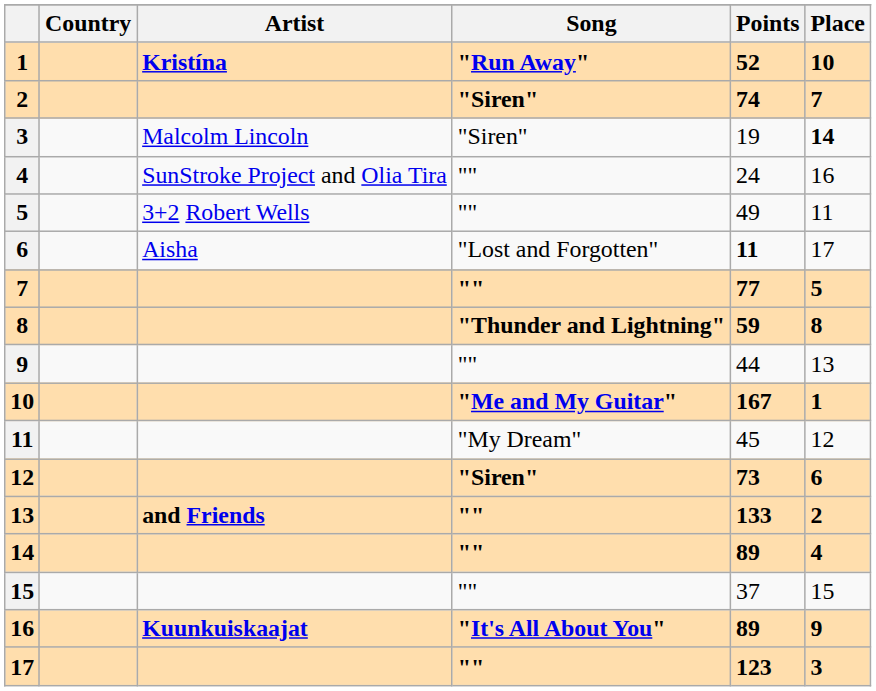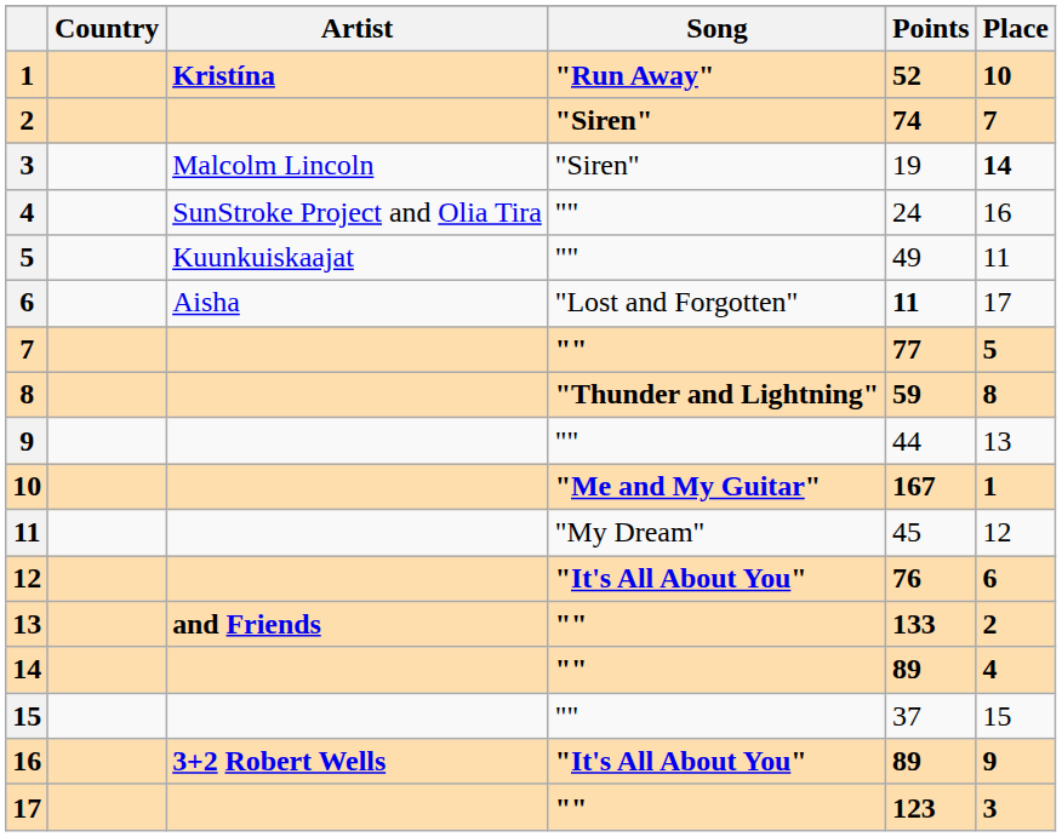 <table class="sortable wikitable plainrowheaders">
 <tr>
 </tr>
 <tr>
 <th scope="col"></th>
 <th scope="col">Country</th>
 <th scope="col">Artist</th>
 <th scope="col">Song</th>
 <th scope="col">Points</th>
 <th scope="col">Place</th>
 </tr>
 <tr style="font-weight:bold; background:navajowhite;">
 <th scope="row" style="text-align:center; font-weight:bold; background:navajowhite;">1</th>
 <td></td>
 <td><a href='#'>Kristína</a></td>
 <td>"<a href='#'>Run Away</a>"</td>
 <td>52</td>
 <td>10</td>
 </tr>
 <tr style="font-weight:bold; background:navajowhite;">
 <th scope="row" style="text-align:center; font-weight:bold; background:navajowhite;">2</th>
 <td></td>
 <td></td>
 <td>"Siren"</td>
 <td>74</td>
 <td>7</td>
 </tr>
 <tr>
 <th scope="row" style="text-align:center;">3</th>
 <td></td>
 <td><a href='#'>Malcolm Lincoln</a></td>
 <td>"Siren"</td>
 <td>19</td>
 <td><strong>14</strong></td>
 </tr>
 <tr>
 <th scope="row" style="text-align:center;">4</th>
 <td></td>
 <td><a href='#'>SunStroke Project</a> and <a href='#'>Olia Tira</a></td>
 <td>""</td>
 <td>24</td>
 <td>16</td>
 </tr>
 <tr>
 <th scope="row" style="text-align:center;">5</th>
 <td></td>
-<td><a href='#'>3+2</a>  <a href='#'>Robert Wells</a></td>
+<td><a href='#'>Kuunkuiskaajat</a></td>
 <td>""</td>
 <td>49</td>
 <td>11</td>
 </tr>
 <tr>
 <th scope="row" style="text-align:center;">6</th>
 <td></td>
 <td><a href='#'>Aisha</a></td>
 <td>"Lost and Forgotten"</td>
 <td><strong>11</strong></td>
 <td>17</td>
 </tr>
 <tr style="font-weight:bold; background:navajowhite;">
 <th scope="row" style="text-align:center; font-weight:bold; background:navajowhite;">7</th>
 <td></td>
 <td></td>
 <td>""</td>
 <td>77</td>
 <td>5</td>
 </tr>
 <tr style="font-weight:bold; background:navajowhite;">
 <th scope="row" style="text-align:center; font-weight:bold; background:navajowhite;">8</th>
 <td></td>
 <td></td>
 <td>"Thunder and Lightning"</td>
 <td>59</td>
 <td>8</td>
 </tr>
 <tr>
 <th scope="row" style="text-align:center;">9</th>
 <td></td>
 <td></td>
 <td>""</td>
 <td>44</td>
 <td>13</td>
 </tr>
 <tr style="font-weight:bold; background:navajowhite;">
 <th scope="row" style="text-align:center; font-weight:bold; background:navajowhite;">10</th>
 <td></td>
 <td></td>
 <td>"<a href='#'>Me and My Guitar</a>"</td>
 <td>167</td>
 <td>1</td>
 </tr>
 <tr>
 <th scope="row" style="text-align:center;">11</th>
 <td></td>
 <td></td>
 <td>"My Dream"</td>
 <td>45</td>
 <td>12</td>
 </tr>
 <tr style="font-weight:bold; background:navajowhite;">
 <th scope="row" style="text-align:center; font-weight:bold; background:navajowhite;">12</th>
 <td></td>
 <td></td>
-<td>"Siren"</td>
-<td>73</td>
+<td>"<a href='#'>It's All About You</a>"</td>
+<td>76</td>
 <td>6</td>
 </tr>
 <tr style="font-weight:bold; background:navajowhite;">
 <th scope="row" style="text-align:center; font-weight:bold; background:navajowhite;">13</th>
 <td></td>
 <td> and <a href='#'>Friends</a></td>
 <td>""</td>
 <td>133</td>
 <td>2</td>
 </tr>
 <tr style="font-weight:bold; background:navajowhite;">
 <th scope="row" style="text-align:center; font-weight:bold; background:navajowhite;">14</th>
 <td></td>
 <td></td>
 <td>""</td>
 <td>89</td>
 <td>4</td>
 </tr>
 <tr>
 <th scope="row" style="text-align:center;">15</th>
 <td></td>
 <td></td>
 <td>""</td>
 <td>37</td>
 <td>15</td>
 </tr>
 <tr style="font-weight:bold; background:navajowhite;">
 <th scope="row" style="text-align:center; font-weight:bold; background:navajowhite;">16</th>
 <td></td>
-<td><a href='#'>Kuunkuiskaajat</a></td>
+<td><a href='#'>3+2</a>  <a href='#'>Robert Wells</a></td>
 <td>"<a href='#'>It's All About You</a>"</td>
 <td>89</td>
 <td>9</td>
 </tr>
 <tr style="font-weight:bold; background:navajowhite;">
 <th scope="row" style="text-align:center; font-weight:bold; background:navajowhite;">17</th>
 <td></td>
 <td></td>
 <td>""</td>
 <td>123</td>
 <td>3</td>
 </tr>
 </table>
